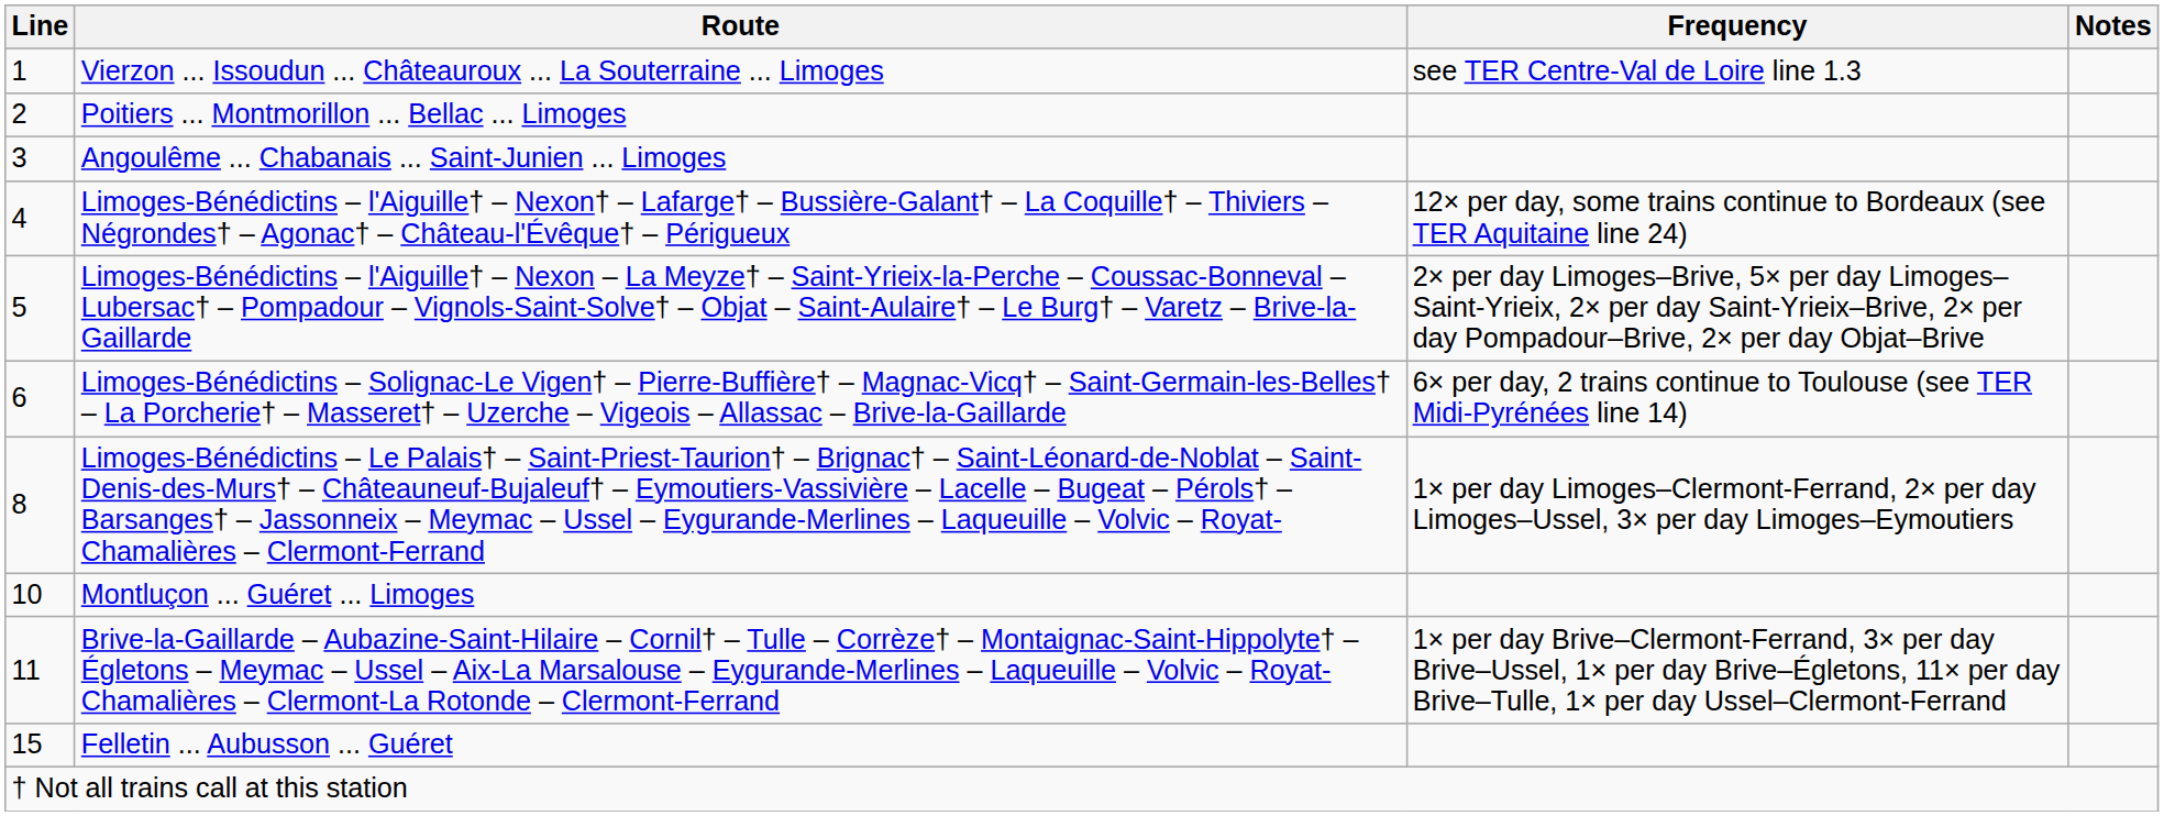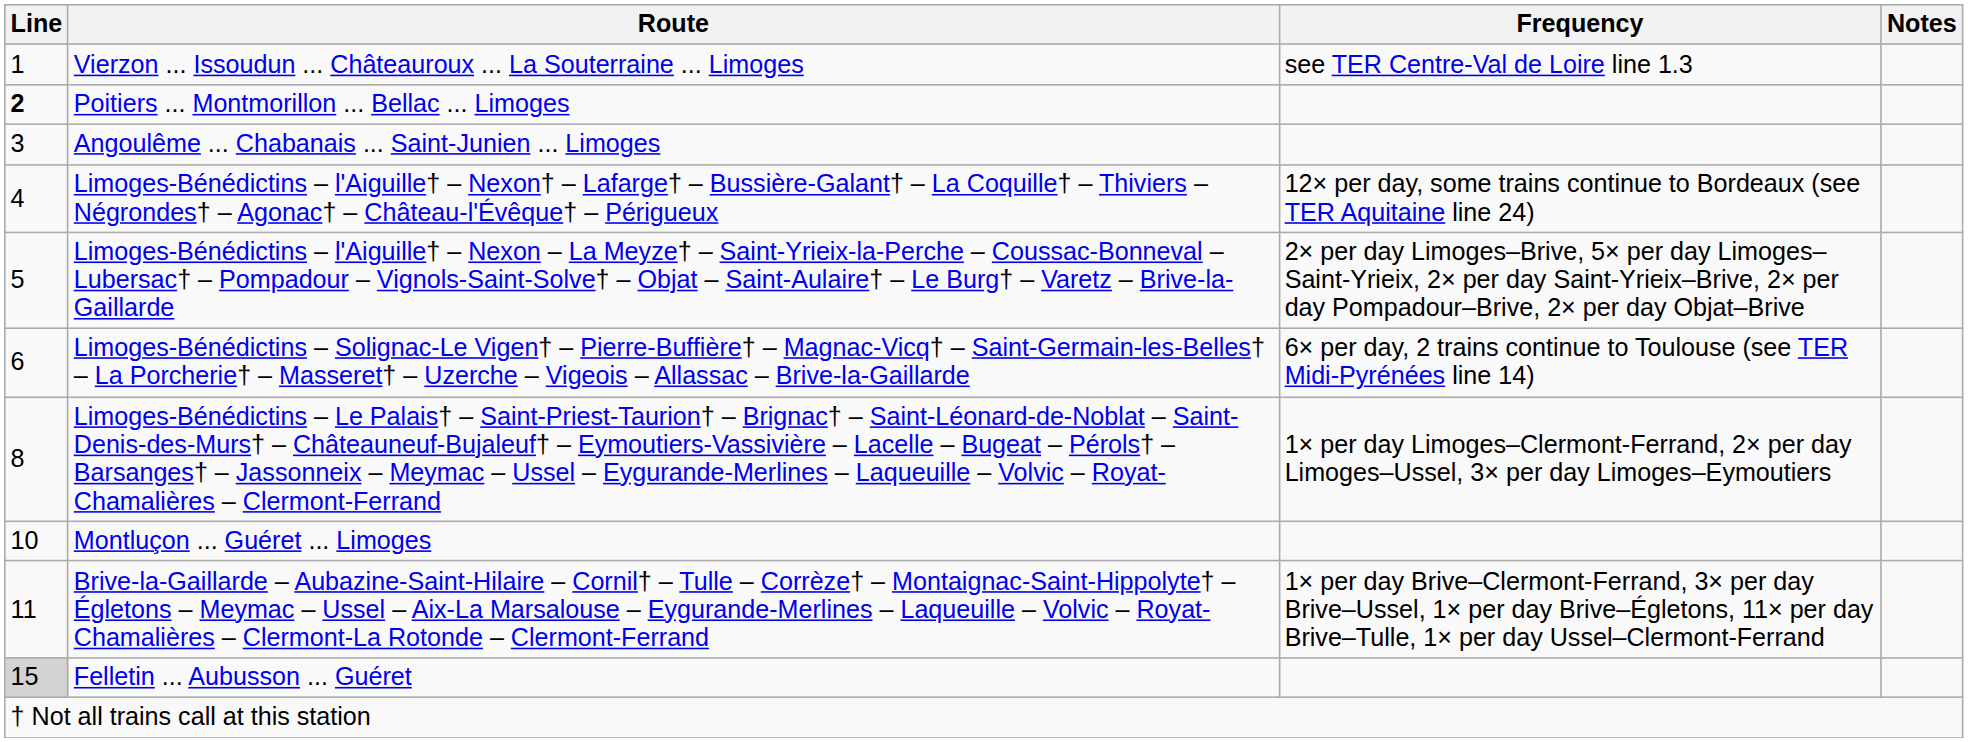 <table class="wikitable vatop">
 <tr>
 <th>Line</th>
 <th>Route</th>
 <th>Frequency</th>
 <th>Notes</th>
 </tr>
 <tr>
 <td>1</td>
 <td><a href='#'>Vierzon</a> ... <a href='#'>Issoudun</a> ... <a href='#'>Châteauroux</a> ... <a href='#'>La Souterraine</a> ... <a href='#'>Limoges</a></td>
 <td>see <a href='#'>TER Centre-Val de Loire</a> line 1.3</td>
 <td></td>
 </tr>
 <tr>
-<td>2</td>
+<td><strong>2</strong></td>
 <td><a href='#'>Poitiers</a> ... <a href='#'>Montmorillon</a> ... <a href='#'>Bellac</a> ... <a href='#'>Limoges</a></td>
 <td></td>
 <td></td>
 </tr>
 <tr>
 <td>3</td>
 <td><a href='#'>Angoulême</a> ... <a href='#'>Chabanais</a> ... <a href='#'>Saint-Junien</a> ... <a href='#'>Limoges</a></td>
 <td></td>
 <td></td>
 </tr>
 <tr>
 <td>4</td>
 <td><a href='#'>Limoges-Bénédictins</a> – <a href='#'>l'Aiguille</a>† – <a href='#'>Nexon</a>† – <a href='#'>Lafarge</a>† – <a href='#'>Bussière-Galant</a>† – <a href='#'>La Coquille</a>† – <a href='#'>Thiviers</a> – <a href='#'>Négrondes</a>† – <a href='#'>Agonac</a>† – <a href='#'>Château-l'Évêque</a>† – <a href='#'>Périgueux</a></td>
 <td>12× per day, some trains continue to Bordeaux (see <a href='#'>TER Aquitaine</a> line 24)</td>
 <td></td>
 </tr>
 <tr>
 <td>5</td>
 <td><a href='#'>Limoges-Bénédictins</a> – <a href='#'>l'Aiguille</a>† – <a href='#'>Nexon</a> – <a href='#'>La Meyze</a>† – <a href='#'>Saint-Yrieix-la-Perche</a> – <a href='#'>Coussac-Bonneval</a> – <a href='#'>Lubersac</a>† – <a href='#'>Pompadour</a> – <a href='#'>Vignols-Saint-Solve</a>† – <a href='#'>Objat</a> – <a href='#'>Saint-Aulaire</a>† – <a href='#'>Le Burg</a>† – <a href='#'>Varetz</a> – <a href='#'>Brive-la-Gaillarde</a></td>
 <td>2× per day Limoges–Brive, 5× per day Limoges–Saint-Yrieix, 2× per day Saint-Yrieix–Brive, 2× per day Pompadour–Brive, 2× per day Objat–Brive</td>
 <td></td>
 </tr>
 <tr>
 <td>6</td>
 <td><a href='#'>Limoges-Bénédictins</a> – <a href='#'>Solignac-Le Vigen</a>† – <a href='#'>Pierre-Buffière</a>† – <a href='#'>Magnac-Vicq</a>† – <a href='#'>Saint-Germain-les-Belles</a>† – <a href='#'>La Porcherie</a>† – <a href='#'>Masseret</a>† – <a href='#'>Uzerche</a> – <a href='#'>Vigeois</a> – <a href='#'>Allassac</a> – <a href='#'>Brive-la-Gaillarde</a></td>
 <td>6× per day, 2 trains continue to Toulouse (see <a href='#'>TER Midi-Pyrénées</a> line 14)</td>
 <td></td>
 </tr>
 <tr>
 <td>8</td>
 <td><a href='#'>Limoges-Bénédictins</a> – <a href='#'>Le Palais</a>† – <a href='#'>Saint-Priest-Taurion</a>† – <a href='#'>Brignac</a>† – <a href='#'>Saint-Léonard-de-Noblat</a> – <a href='#'>Saint-Denis-des-Murs</a>† – <a href='#'>Châteauneuf-Bujaleuf</a>† – <a href='#'>Eymoutiers-Vassivière</a> – <a href='#'>Lacelle</a> – <a href='#'>Bugeat</a> – <a href='#'>Pérols</a>† – <a href='#'>Barsanges</a>† – <a href='#'>Jassonneix</a> – <a href='#'>Meymac</a> – <a href='#'>Ussel</a> – <a href='#'>Eygurande-Merlines</a> – <a href='#'>Laqueuille</a> – <a href='#'>Volvic</a> – <a href='#'>Royat-Chamalières</a> – <a href='#'>Clermont-Ferrand</a></td>
 <td>1× per day Limoges–Clermont-Ferrand, 2× per day Limoges–Ussel, 3× per day Limoges–Eymoutiers</td>
 <td></td>
 </tr>
 <tr>
 <td>10</td>
 <td><a href='#'>Montluçon</a> ... <a href='#'>Guéret</a> ... <a href='#'>Limoges</a></td>
 <td></td>
 <td></td>
 </tr>
 <tr>
 <td>11</td>
 <td><a href='#'>Brive-la-Gaillarde</a> – <a href='#'>Aubazine-Saint-Hilaire</a> – <a href='#'>Cornil</a>† – <a href='#'>Tulle</a> – <a href='#'>Corrèze</a>† – <a href='#'>Montaignac-Saint-Hippolyte</a>† – <a href='#'>Égletons</a> – <a href='#'>Meymac</a> – <a href='#'>Ussel</a> – <a href='#'>Aix-La Marsalouse</a> – <a href='#'>Eygurande-Merlines</a> – <a href='#'>Laqueuille</a> – <a href='#'>Volvic</a> – <a href='#'>Royat-Chamalières</a> – <a href='#'>Clermont-La Rotonde</a> – <a href='#'>Clermont-Ferrand</a></td>
 <td>1× per day Brive–Clermont-Ferrand, 3× per day Brive–Ussel, 1× per day Brive–Égletons, 11× per day Brive–Tulle, 1× per day Ussel–Clermont-Ferrand</td>
 <td></td>
 </tr>
 <tr>
-<td>15</td>
+<td style="background: lightgrey;">15</td>
 <td><a href='#'>Felletin</a> ... <a href='#'>Aubusson</a> ... <a href='#'>Guéret</a></td>
 <td></td>
 <td></td>
 </tr>
 <tr>
 <td colspan=4>† Not all trains call at this station</td>
 </tr>
 </table>
